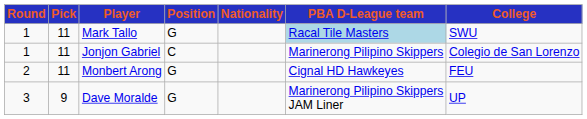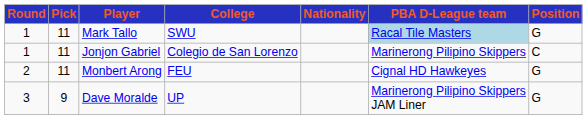 <table class="wikitable sortable sortable">
 <tr>
 <th style="background:#2631C2; color:#F05B28; ">Round</th>
 <th style="background:#2631C2; color:#F05B28; ">Pick</th>
 <th style="background:#2631C2; color:#F05B28; ">Player</th>
-<th style="background:#2631C2; color:#F05B28; ">Position</th>
+<th style="background:#2631C2; color:#F05B28; ">College</th>
 <th style="background:#2631C2; color:#F05B28; ">Nationality</th>
 <th style="background:#2631C2; color:#F05B28; ">PBA D-League team</th>
-<th style="background:#2631C2; color:#F05B28; ">College</th>
+<th style="background:#2631C2; color:#F05B28; ">Position</th>
 </tr>
 <tr>
 <td align=center>1</td>
 <td align=center>11</td>
 <td><a href='#'>Mark Tallo</a></td>
-<td>G</td>
+<td><a href='#'>SWU</a></td>
 <td></td>
 <td style="background: lightblue;"><a href='#'>Racal Tile Masters</a></td>
-<td><a href='#'>SWU</a></td>
+<td>G</td>
 </tr>
 <tr>
 <td align=center>1</td>
 <td align=center>11</td>
 <td><a href='#'>Jonjon Gabriel</a></td>
-<td>C</td>
+<td><a href='#'>Colegio de San Lorenzo</a></td>
 <td></td>
 <td><a href='#'>Marinerong Pilipino Skippers</a></td>
-<td><a href='#'>Colegio de San Lorenzo</a></td>
+<td>C</td>
 </tr>
 <tr>
 <td align=center>2</td>
 <td align=center>11</td>
 <td><a href='#'>Monbert Arong</a></td>
-<td>G</td>
+<td><a href='#'>FEU</a></td>
 <td></td>
 <td><a href='#'>Cignal HD Hawkeyes</a></td>
-<td><a href='#'>FEU</a></td>
+<td>G</td>
 </tr>
 <tr>
 <td align=center>3</td>
 <td align=center>9</td>
 <td><a href='#'>Dave Moralde</a></td>
-<td>G</td>
+<td><a href='#'>UP</a></td>
 <td></td>
 <td><a href='#'>Marinerong Pilipino Skippers</a> <br> JAM Liner</td>
-<td><a href='#'>UP</a></td>
+<td>G</td>
 </tr>
 </table>
